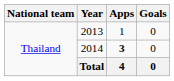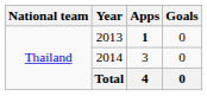 <table class="wikitable" style="text-align:center">
 <tr>
 <th>National team</th>
 <th>Year</th>
 <th>Apps</th>
 <th>Goals</th>
 </tr>
 <tr>
 <td rowspan="3" valign="center"><a href='#'>Thailand</a></td>
 <td>2013</td>
-<td>1</td>
+<td><strong>1</strong></td>
 <td>0</td>
 </tr>
 <tr>
 <td>2014</td>
-<td><strong>3</strong></td>
+<td>3</td>
 <td>0</td>
 </tr>
 <tr>
 <th>Total</th>
 <th>4</th>
 <th>0</th>
 </tr>
 </table>
